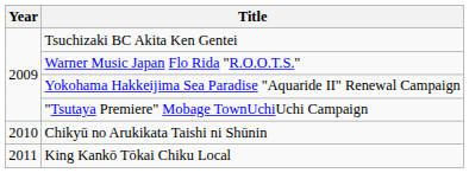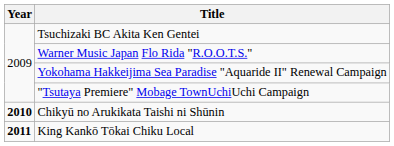 <table class="wikitable">
 <tr>
 <th>Year</th>
 <th>Title</th>
 </tr>
 <tr>
 <td rowspan="4">2009</td>
 <td>Tsuchizaki BC Akita Ken Gentei</td>
 </tr>
 <tr>
 <td><a href='#'>Warner Music Japan</a> <a href='#'>Flo Rida</a> "<a href='#'>R.O.O.T.S.</a>"</td>
 </tr>
 <tr>
 <td><a href='#'>Yokohama Hakkeijima Sea Paradise</a> "Aquaride II" Renewal Campaign</td>
 </tr>
 <tr>
 <td>"<a href='#'>Tsutaya</a> Premiere" <a href='#'>Mobage TownUchi</a>Uchi Campaign</td>
 </tr>
 <tr>
-<td>2010</td>
+<td><strong>2010</strong></td>
 <td>Chikyū no Arukikata Taishi ni Shūnin</td>
 </tr>
 <tr>
-<td>2011</td>
+<td><strong>2011</strong></td>
 <td>King Kankō Tōkai Chiku Local</td>
 </tr>
 </table>
